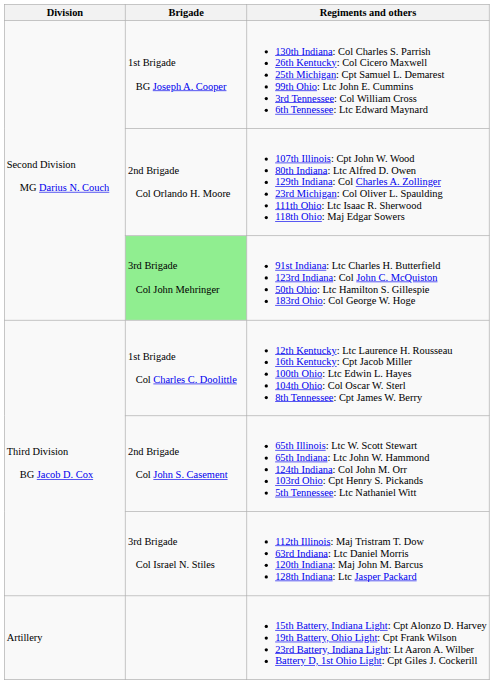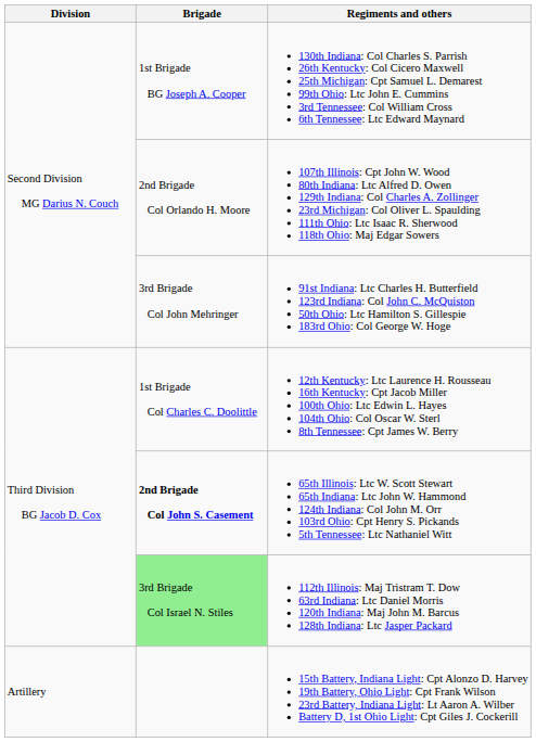 <table class="wikitable">
 <tr>
 <th width=25%>Division</th>
 <th width=25%>Brigade</th>
 <th>Regiments and others</th>
 </tr>
 <tr>
 <td rowspan=3><br>Second Division<br><br>     MG <a href='#'>Darius N. Couch</a></td>
 <td>1st Brigade<br><br>   BG <a href='#'>Joseph A. Cooper</a></td>
 <td><br><ul><li><a href='#'>130th Indiana</a>: Col Charles S. Parrish</li><li><a href='#'>26th Kentucky</a>: Col Cicero Maxwell</li><li><a href='#'>25th Michigan</a>: Cpt Samuel L. Demarest</li><li><a href='#'>99th Ohio</a>: Ltc John E. Cummins</li><li><a href='#'>3rd Tennessee</a>: Col William Cross</li><li><a href='#'>6th Tennessee</a>: Ltc Edward Maynard</li></ul></td>
 </tr>
 <tr>
 <td>2nd Brigade<br><br>   Col Orlando H. Moore</td>
 <td><br><ul><li><a href='#'>107th Illinois</a>: Cpt John W. Wood</li><li><a href='#'>80th Indiana</a>: Ltc Alfred D. Owen</li><li><a href='#'>129th Indiana</a>: Col <a href='#'>Charles A. Zollinger</a></li><li><a href='#'>23rd Michigan</a>: Col Oliver L. Spaulding</li><li><a href='#'>111th Ohio</a>: Ltc Isaac R. Sherwood</li><li><a href='#'>118th Ohio</a>: Maj Edgar Sowers</li></ul></td>
 </tr>
 <tr>
-<td style="background: lightgreen;">3rd Brigade<br><br>   Col John Mehringer</td>
+<td>3rd Brigade<br><br>   Col John Mehringer</td>
 <td><br><ul><li><a href='#'>91st Indiana</a>: Ltc Charles H. Butterfield</li><li><a href='#'>123rd Indiana</a>: Col <a href='#'>John C. McQuiston</a></li><li><a href='#'>50th Ohio</a>: Ltc Hamilton S. Gillespie</li><li><a href='#'>183rd Ohio</a>: Col George W. Hoge</li></ul></td>
 </tr>
 <tr>
 <td rowspan=3><br>Third Division<br><br>     BG <a href='#'>Jacob D. Cox</a></td>
 <td>1st Brigade<br><br>   Col <a href='#'>Charles C. Doolittle</a></td>
 <td><br><ul><li><a href='#'>12th Kentucky</a>: Ltc Laurence H. Rousseau</li><li><a href='#'>16th Kentucky</a>: Cpt Jacob Miller</li><li><a href='#'>100th Ohio</a>: Ltc Edwin L. Hayes</li><li><a href='#'>104th Ohio</a>: Col Oscar W. Sterl</li><li><a href='#'>8th Tennessee</a>: Cpt James W. Berry</li></ul></td>
 </tr>
 <tr>
-<td>2nd Brigade<br><br>   Col <a href='#'>John S. Casement</a></td>
+<td><strong>2nd Brigade<br><br>   Col <a href='#'>John S. Casement</a></strong></td>
 <td><br><ul><li><a href='#'>65th Illinois</a>: Ltc W. Scott Stewart</li><li><a href='#'>65th Indiana</a>: Ltc John W. Hammond</li><li><a href='#'>124th Indiana</a>: Col John M. Orr</li><li><a href='#'>103rd Ohio</a>: Cpt Henry S. Pickands</li><li><a href='#'>5th Tennessee</a>: Ltc Nathaniel Witt</li></ul></td>
 </tr>
 <tr>
-<td>3rd Brigade<br><br>   Col Israel N. Stiles</td>
+<td style="background: lightgreen;">3rd Brigade<br><br>   Col Israel N. Stiles</td>
 <td><br><ul><li><a href='#'>112th Illinois</a>: Maj Tristram T. Dow</li><li><a href='#'>63rd Indiana</a>: Ltc Daniel Morris</li><li><a href='#'>120th Indiana</a>: Maj John M. Barcus</li><li><a href='#'>128th Indiana</a>: Ltc <a href='#'>Jasper Packard</a></li></ul></td>
 </tr>
 <tr>
 <td>Artillery</td>
 <td></td>
 <td><br><ul><li><a href='#'>15th Battery, Indiana Light</a>: Cpt Alonzo D. Harvey</li><li><a href='#'>19th Battery, Ohio Light</a>: Cpt Frank Wilson</li><li><a href='#'>23rd Battery, Indiana Light</a>: Lt Aaron A. Wilber</li><li><a href='#'>Battery D, 1st Ohio Light</a>: Cpt Giles J. Cockerill</li></ul></td>
 </tr>
 </table>
